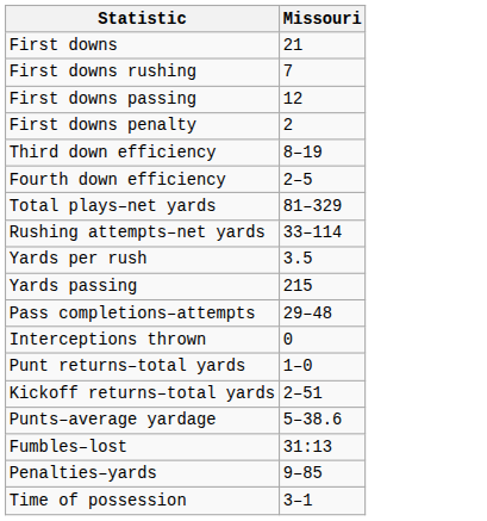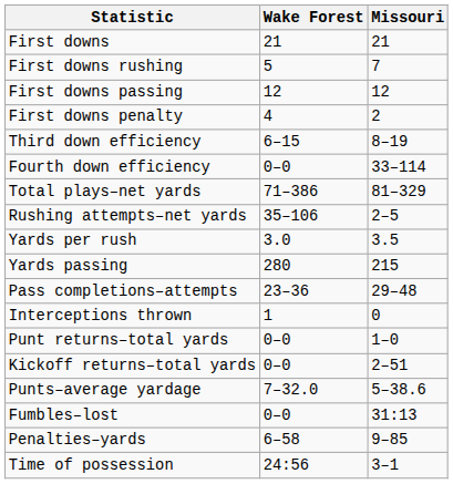 <table class="wikitable">
 <tr>
 <th>Statistic</th>
+<th><strong>Wake Forest</strong></th>
 <th><strong>Missouri</strong></th>
 </tr>
 <tr>
 <td>First downs</td>
 <td>21</td>
+<td>21</td>
 </tr>
 <tr>
 <td>First downs rushing</td>
+<td>5</td>
 <td>7</td>
 </tr>
 <tr>
 <td>First downs passing</td>
 <td>12</td>
+<td>12</td>
 </tr>
 <tr>
 <td>First downs penalty</td>
+<td>4</td>
 <td>2</td>
 </tr>
 <tr>
 <td>Third down efficiency</td>
+<td>6–15</td>
 <td>8–19</td>
 </tr>
 <tr>
 <td>Fourth down efficiency</td>
-<td>2–5</td>
+<td>0–0</td>
+<td>33–114</td>
 </tr>
 <tr>
 <td>Total plays–net yards</td>
+<td>71–386</td>
 <td>81–329</td>
 </tr>
 <tr>
 <td>Rushing attempts–net yards</td>
-<td>33–114</td>
+<td>35–106</td>
+<td>2–5</td>
 </tr>
 <tr>
 <td>Yards per rush</td>
+<td>3.0</td>
 <td>3.5</td>
 </tr>
 <tr>
 <td>Yards passing</td>
+<td>280</td>
 <td>215</td>
 </tr>
 <tr>
 <td>Pass completions–attempts</td>
+<td>23–36</td>
 <td>29–48</td>
 </tr>
 <tr>
 <td>Interceptions thrown</td>
+<td>1</td>
 <td>0</td>
 </tr>
 <tr>
 <td>Punt returns–total yards</td>
+<td>0–0</td>
 <td>1–0</td>
 </tr>
 <tr>
 <td>Kickoff returns–total yards</td>
+<td>0–0</td>
 <td>2–51</td>
 </tr>
 <tr>
 <td>Punts–average yardage</td>
+<td>7–32.0</td>
 <td>5–38.6</td>
 </tr>
 <tr>
 <td>Fumbles–lost</td>
+<td>0–0</td>
 <td>31:13</td>
 </tr>
 <tr>
 <td>Penalties–yards</td>
+<td>6–58</td>
 <td>9–85</td>
 </tr>
 <tr>
 <td>Time of possession</td>
+<td>24:56</td>
 <td>3–1</td>
 </tr>
 </table>
